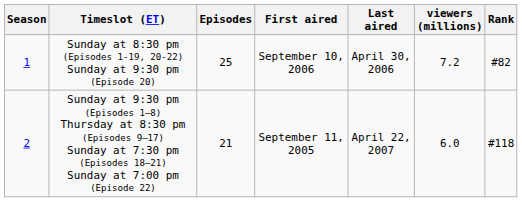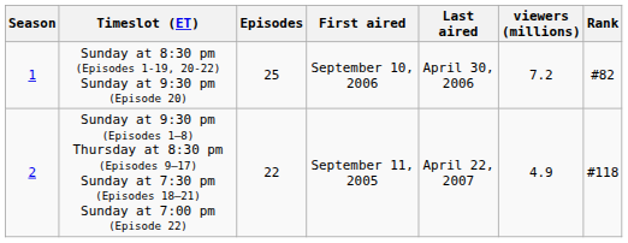 <table class="wikitable" style="text-align: center">
 <tr>
 <th>Season</th>
 <th>Timeslot (<a href='#'>ET</a>)</th>
 <th>Episodes</th>
 <th><strong>First aired</strong></th>
 <th><strong>Last aired</strong></th>
 <th> viewers<br>(millions)</th>
 <th>Rank</th>
 </tr>
 <tr>
 <td><a href='#'>1</a></td>
 <td>Sunday at 8:30 pm <small>(Episodes 1-19, 20-22)</small><br>Sunday at 9:30 pm <small>(Episode 20)</small></td>
 <td>25</td>
 <td>September 10, 2006</td>
 <td>April 30, 2006</td>
 <td>7.2</td>
 <td>#82</td>
 </tr>
 <tr>
 <td><a href='#'>2</a></td>
 <td>Sunday at 9:30 pm <small>(Episodes 1–8)</small><br>Thursday at 8:30 pm <small>(Episodes 9–17)</small><br>Sunday at 7:30 pm <small>(Episodes 18–21)</small><br>Sunday at 7:00 pm <small>(Episode 22)</small></td>
-<td>21</td>
+<td>22</td>
 <td>September 11, 2005</td>
 <td>April 22, 2007</td>
-<td>6.0</td>
+<td>4.9</td>
 <td>#118</td>
 </tr>
 </table>
